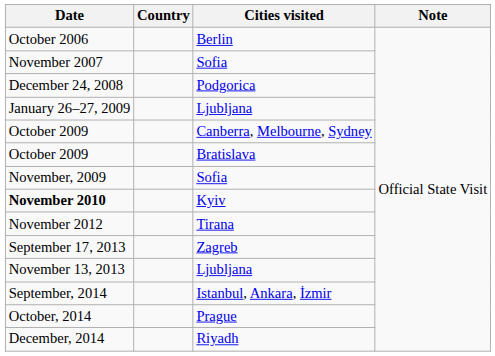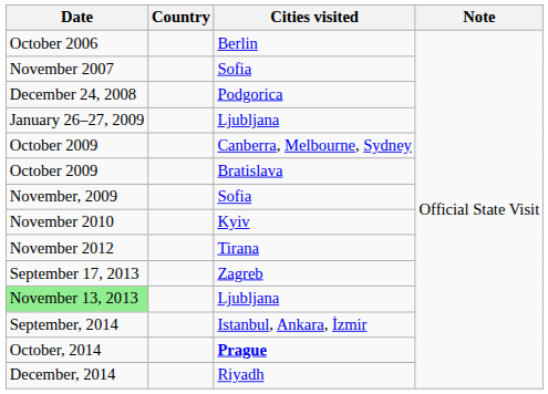 <table class="wikitable sortable" style="margin:1em auto 1em auto;">
 <tr>
 <th class="unsortable">Date</th>
 <th>Country</th>
 <th class="unsortable">Cities visited</th>
 <th class="unsortable">Note</th>
 </tr>
 <tr>
 <td>October 2006</td>
 <td></td>
 <td><a href='#'>Berlin</a></td>
 <td rowspan="14">Official State Visit</td>
 </tr>
 <tr>
 <td>November 2007</td>
 <td></td>
 <td><a href='#'>Sofia</a></td>
 </tr>
 <tr>
 <td>December 24, 2008</td>
 <td></td>
 <td><a href='#'>Podgorica</a></td>
 </tr>
 <tr>
 <td>January 26–27, 2009</td>
 <td></td>
 <td><a href='#'>Ljubljana</a></td>
 </tr>
 <tr>
 <td>October 2009</td>
 <td></td>
 <td><a href='#'>Canberra</a>, <a href='#'>Melbourne</a>, <a href='#'>Sydney</a></td>
 </tr>
 <tr>
 <td>October 2009</td>
 <td></td>
 <td><a href='#'>Bratislava</a></td>
 </tr>
 <tr>
 <td>November, 2009</td>
 <td></td>
 <td><a href='#'>Sofia</a></td>
 </tr>
 <tr>
-<td><strong>November 2010</strong></td>
+<td>November 2010</td>
 <td></td>
 <td><a href='#'>Kyiv</a></td>
 </tr>
 <tr>
 <td>November 2012</td>
 <td></td>
 <td><a href='#'>Tirana</a></td>
 </tr>
 <tr>
 <td>September 17, 2013</td>
 <td></td>
 <td><a href='#'>Zagreb</a></td>
 </tr>
 <tr>
-<td>November 13, 2013</td>
+<td style="background: lightgreen;">November 13, 2013</td>
 <td></td>
 <td><a href='#'>Ljubljana</a></td>
 </tr>
 <tr>
 <td>September, 2014</td>
 <td></td>
 <td><a href='#'>Istanbul</a>, <a href='#'>Ankara</a>, <a href='#'>İzmir</a></td>
 </tr>
 <tr>
 <td>October, 2014</td>
 <td></td>
-<td><a href='#'>Prague</a></td>
+<td><strong><a href='#'>Prague</a></strong></td>
 </tr>
 <tr>
 <td>December, 2014</td>
 <td></td>
 <td><a href='#'>Riyadh</a></td>
 </tr>
 </table>
